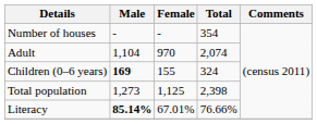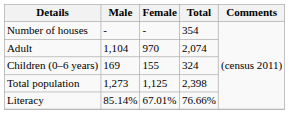 <table class="wikitable sortable">
 <tr>
 <th>Details</th>
 <th>Male</th>
 <th>Female</th>
 <th>Total</th>
 <th>Comments</th>
 </tr>
 <tr>
 <td>Number of houses</td>
 <td>-</td>
 <td>-</td>
 <td>354</td>
 <td rowspan="5">(census 2011) </td>
 </tr>
 <tr>
 <td>Adult</td>
 <td>1,104</td>
 <td>970</td>
 <td>2,074</td>
 </tr>
 <tr>
 <td>Children (0–6 years)</td>
-<td><strong>169</strong></td>
+<td>169</td>
 <td>155</td>
 <td>324</td>
 </tr>
 <tr>
 <td>Total population</td>
 <td>1,273</td>
 <td>1,125</td>
 <td>2,398</td>
 </tr>
 <tr>
 <td>Literacy</td>
-<td><strong>85.14%</strong></td>
+<td>85.14%</td>
 <td>67.01%</td>
 <td>76.66%</td>
 </tr>
 <tr>
 </tr>
 </table>
